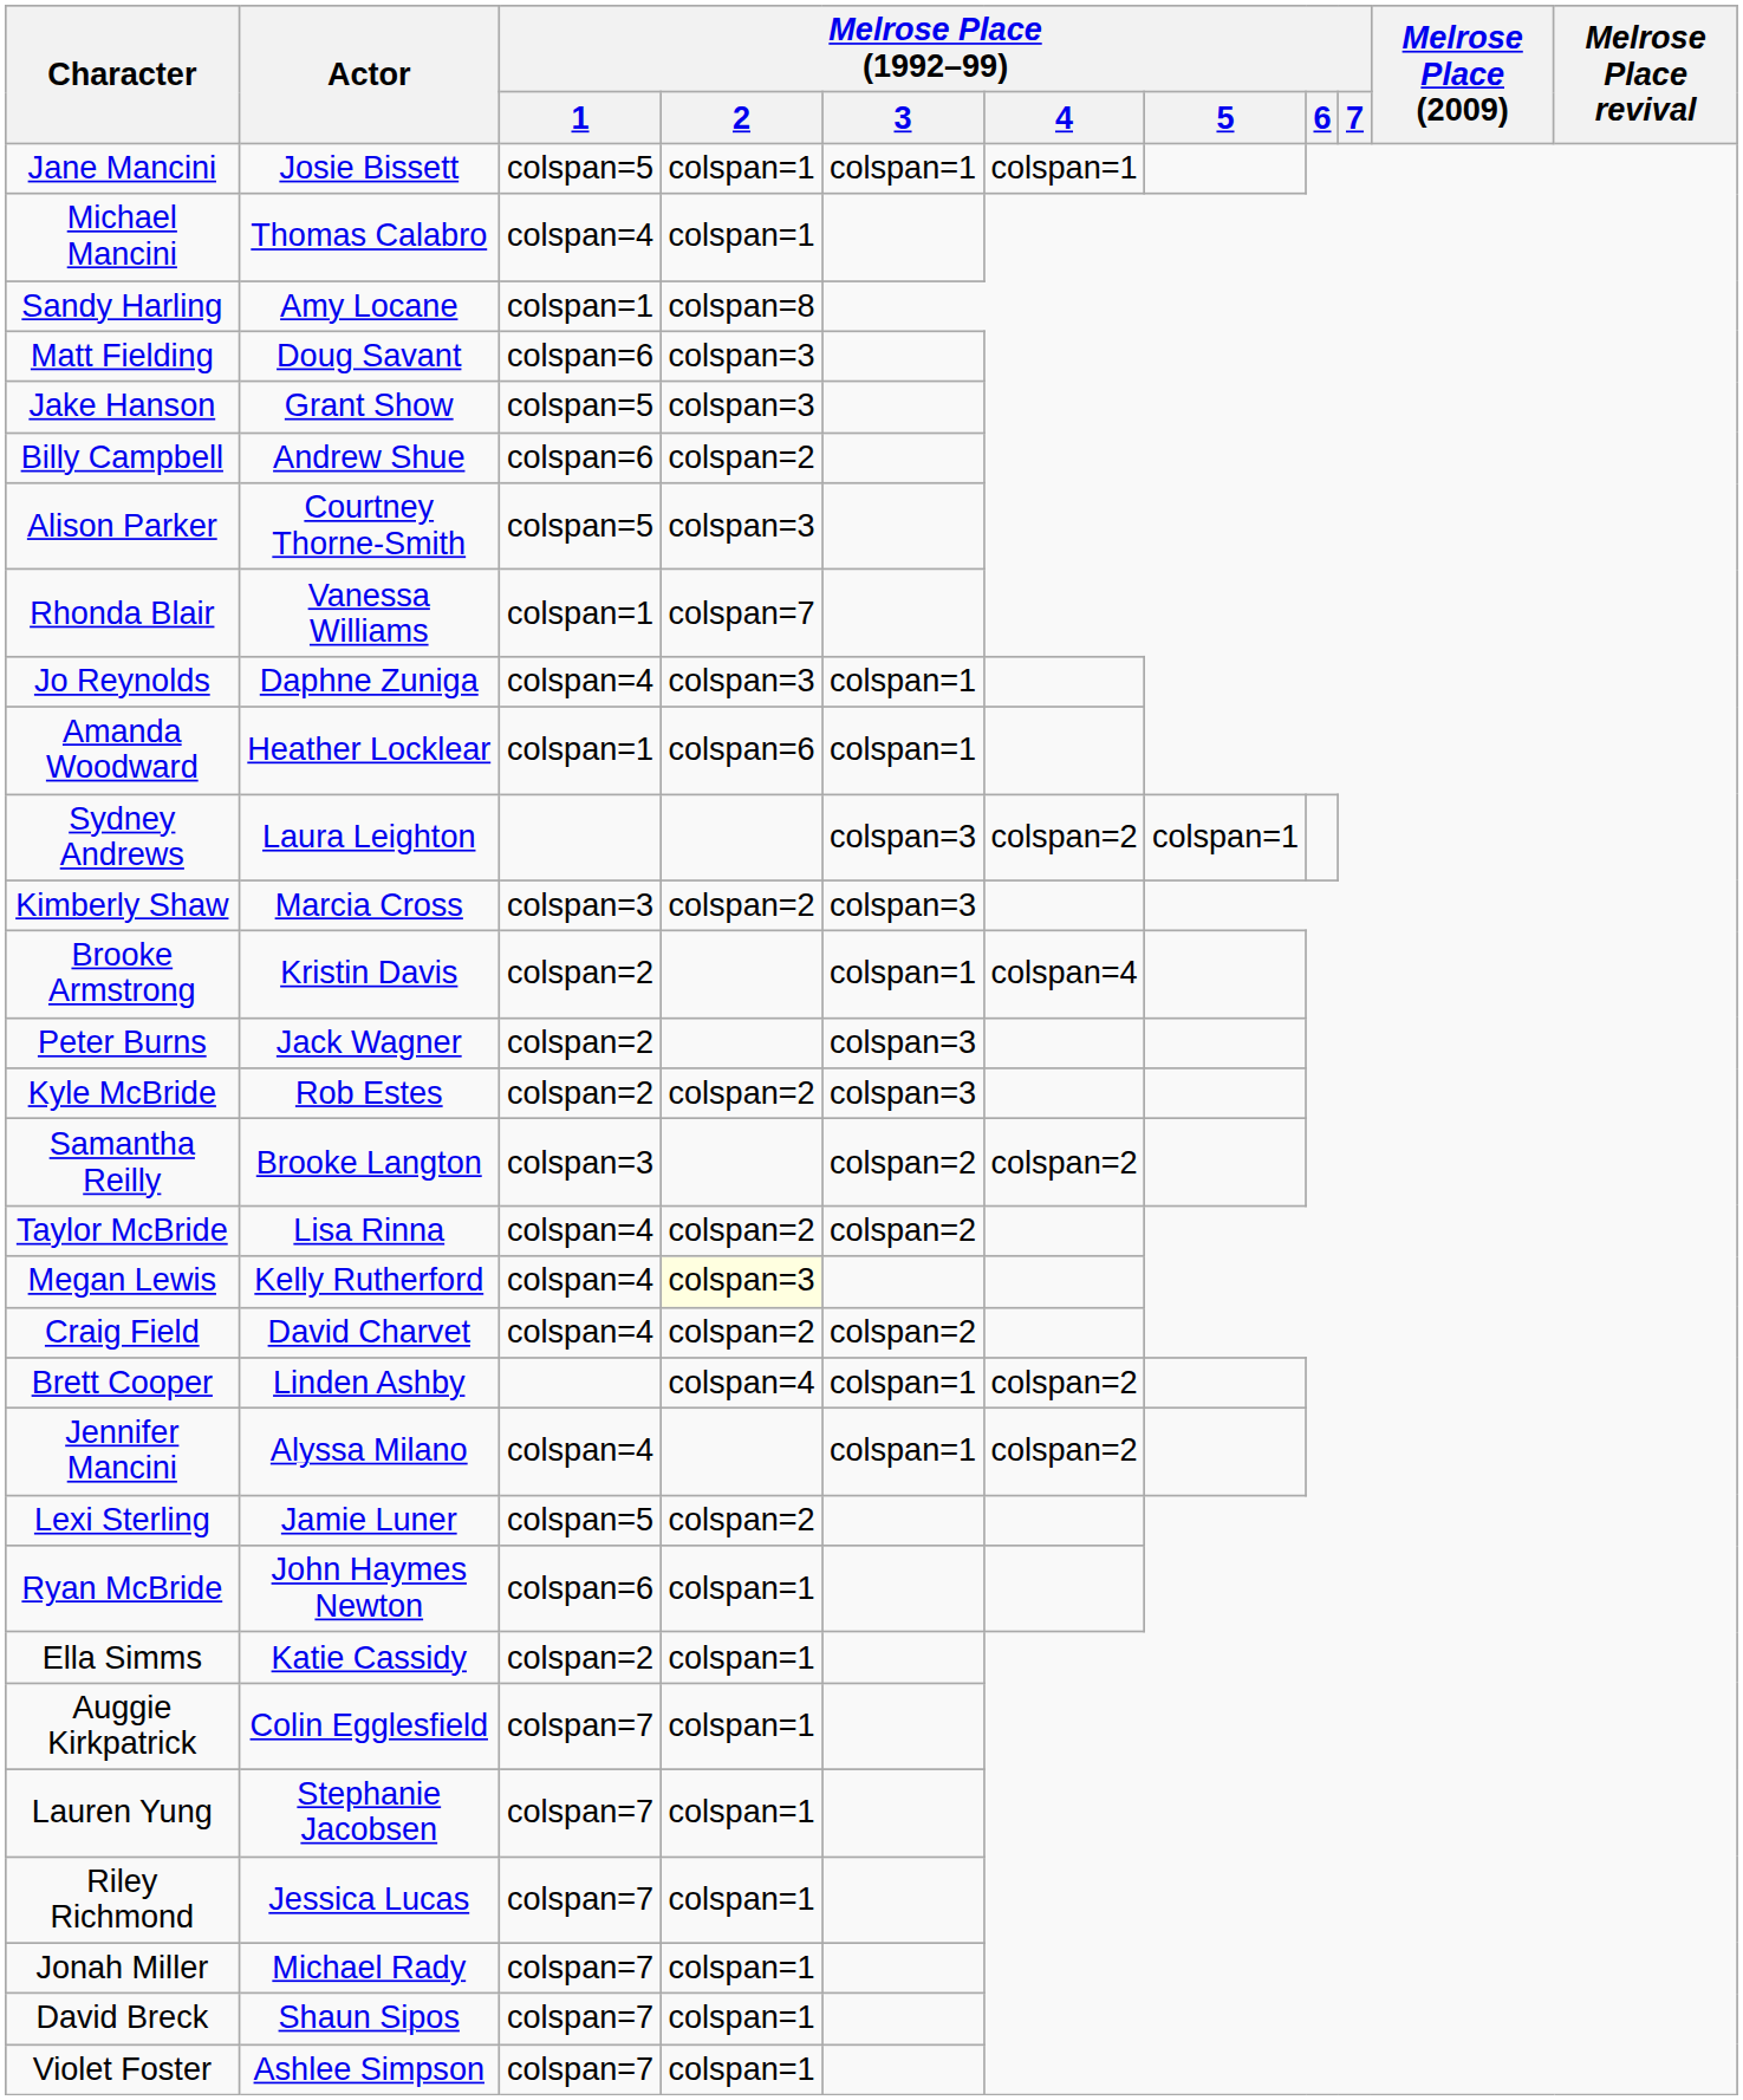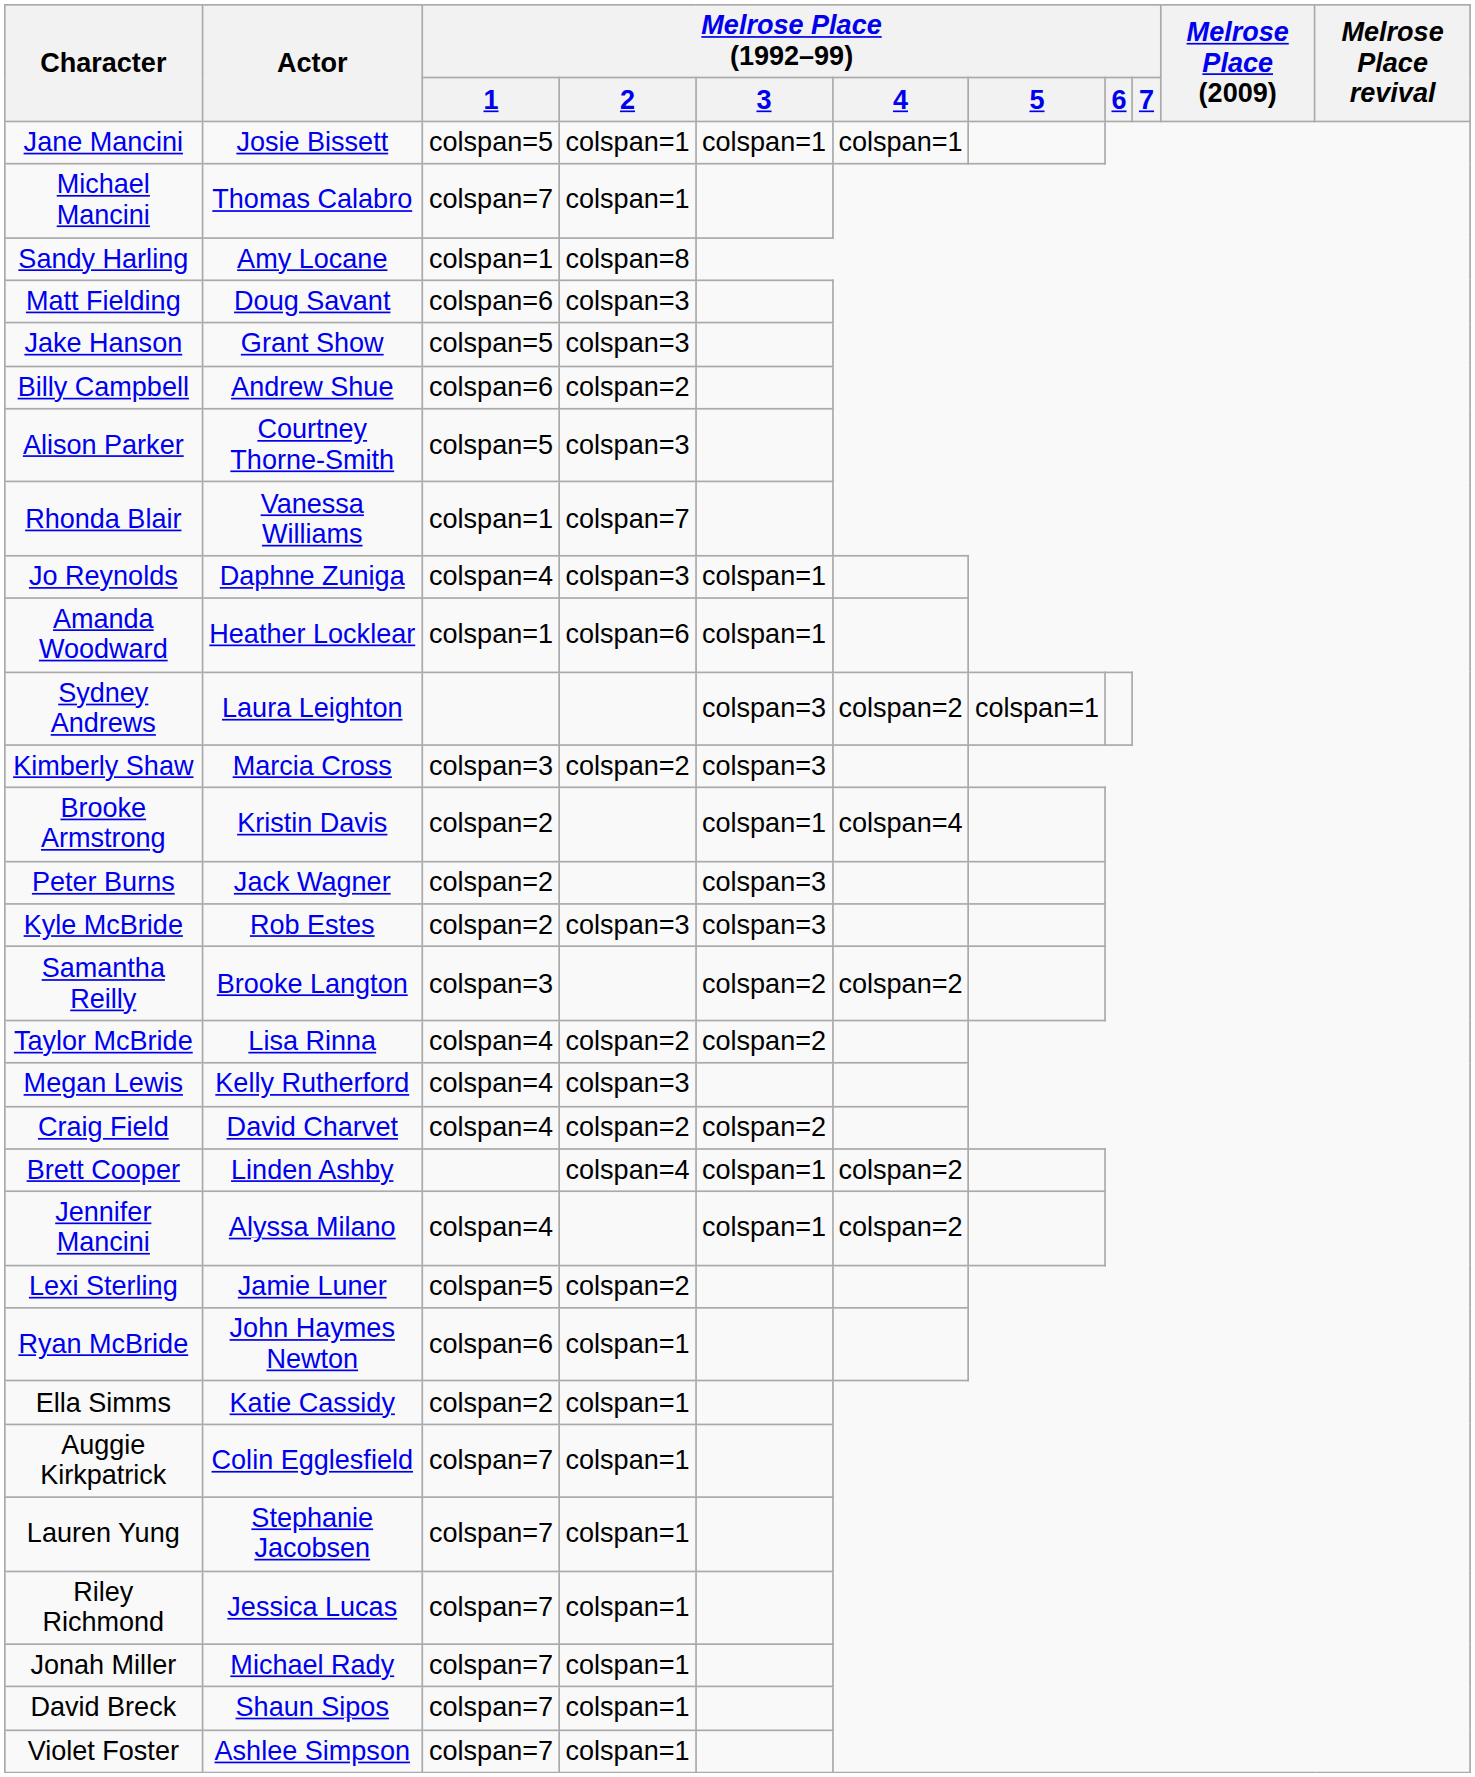 <table class="wikitable sortable" style="text-align:center">
 <tr>
 <th rowspan=2>Character</th>
 <th rowspan=2>Actor</th>
 <th colspan=7><em><a href='#'>Melrose Place</a></em><br>(1992–99)</th>
 <th rowspan=2><em><a href='#'>Melrose Place</a></em><br>(2009)</th>
 <th rowspan=2><em>Melrose Place</em><br><em>revival</em></th>
 </tr>
 <tr>
 <th><a href='#'>1</a></th>
 <th><a href='#'>2</a></th>
 <th><a href='#'>3</a></th>
 <th><a href='#'>4</a></th>
 <th><a href='#'>5</a></th>
 <th><a href='#'>6</a></th>
 <th><a href='#'>7</a></th>
 </tr>
 <tr>
 <td><a href='#'>Jane Mancini</a></td>
 <td><a href='#'>Josie Bissett</a></td>
 <td>colspan=5 </td>
 <td>colspan=1 </td>
 <td>colspan=1 </td>
 <td>colspan=1 </td>
 <td></td>
 </tr>
 <tr>
 <td><a href='#'>Michael Mancini</a></td>
 <td><a href='#'>Thomas Calabro</a></td>
-<td>colspan=4 </td>
+<td>colspan=7 </td>
 <td>colspan=1 </td>
 <td></td>
 </tr>
 <tr>
 <td><a href='#'>Sandy Harling</a></td>
 <td><a href='#'>Amy Locane</a></td>
 <td>colspan=1 </td>
 <td>colspan=8 </td>
 </tr>
 <tr>
 <td><a href='#'>Matt Fielding</a></td>
 <td><a href='#'>Doug Savant</a></td>
 <td>colspan=6 </td>
 <td>colspan=3 </td>
 <td></td>
 </tr>
 <tr>
 <td><a href='#'>Jake Hanson</a></td>
 <td><a href='#'>Grant Show</a></td>
 <td>colspan=5 </td>
 <td>colspan=3 </td>
 <td></td>
 </tr>
 <tr>
 <td><a href='#'>Billy Campbell</a></td>
 <td><a href='#'>Andrew Shue</a></td>
 <td>colspan=6 </td>
 <td>colspan=2 </td>
 <td></td>
 </tr>
 <tr>
 <td><a href='#'>Alison Parker</a></td>
 <td><a href='#'>Courtney Thorne-Smith</a></td>
 <td>colspan=5 </td>
 <td>colspan=3 </td>
 <td></td>
 </tr>
 <tr>
 <td><a href='#'>Rhonda Blair</a></td>
 <td><a href='#'>Vanessa Williams</a></td>
 <td>colspan=1 </td>
 <td>colspan=7 </td>
 <td></td>
 </tr>
 <tr>
 <td><a href='#'>Jo Reynolds</a></td>
 <td><a href='#'>Daphne Zuniga</a></td>
 <td>colspan=4 </td>
 <td>colspan=3 </td>
 <td>colspan=1 </td>
 <td></td>
 </tr>
 <tr>
 <td><a href='#'>Amanda Woodward</a></td>
 <td><a href='#'>Heather Locklear</a></td>
 <td>colspan=1 </td>
 <td>colspan=6 </td>
 <td>colspan=1 </td>
 <td></td>
 </tr>
 <tr>
 <td><a href='#'>Sydney Andrews</a></td>
 <td><a href='#'>Laura Leighton</a></td>
 <td></td>
 <td></td>
 <td>colspan=3 </td>
 <td>colspan=2 </td>
 <td>colspan=1 </td>
 <td></td>
 </tr>
 <tr>
 <td><a href='#'>Kimberly Shaw</a></td>
 <td><a href='#'>Marcia Cross</a></td>
 <td>colspan=3 </td>
 <td>colspan=2 </td>
 <td>colspan=3 </td>
 <td></td>
 </tr>
 <tr>
 <td><a href='#'>Brooke Armstrong</a></td>
 <td><a href='#'>Kristin Davis</a></td>
 <td>colspan=2 </td>
 <td></td>
 <td>colspan=1 </td>
 <td>colspan=4 </td>
 <td></td>
 </tr>
 <tr>
 <td><a href='#'>Peter Burns</a></td>
 <td><a href='#'>Jack Wagner</a></td>
 <td>colspan=2 </td>
 <td></td>
 <td>colspan=3 </td>
 <td></td>
 <td></td>
 </tr>
 <tr>
 <td><a href='#'>Kyle McBride</a></td>
 <td><a href='#'>Rob Estes</a></td>
 <td>colspan=2 </td>
-<td>colspan=2 </td>
+<td>colspan=3 </td>
 <td>colspan=3 </td>
 <td></td>
 <td></td>
 </tr>
 <tr>
 <td><a href='#'>Samantha Reilly</a></td>
 <td><a href='#'>Brooke Langton</a></td>
 <td>colspan=3 </td>
 <td></td>
 <td>colspan=2 </td>
 <td>colspan=2 </td>
 <td></td>
 </tr>
 <tr>
 <td><a href='#'>Taylor McBride</a></td>
 <td><a href='#'>Lisa Rinna</a></td>
 <td>colspan=4 </td>
 <td>colspan=2 </td>
 <td>colspan=2 </td>
 <td></td>
 </tr>
 <tr>
 <td><a href='#'>Megan Lewis</a></td>
 <td><a href='#'>Kelly Rutherford</a></td>
 <td>colspan=4 </td>
-<td style="background: lightyellow;">colspan=3 </td>
+<td>colspan=3 </td>
 <td></td>
 <td></td>
 </tr>
 <tr>
 <td><a href='#'>Craig Field</a></td>
 <td><a href='#'>David Charvet</a></td>
 <td>colspan=4 </td>
 <td>colspan=2 </td>
 <td>colspan=2 </td>
 <td></td>
 </tr>
 <tr>
 <td><a href='#'>Brett Cooper</a></td>
 <td><a href='#'>Linden Ashby</a></td>
 <td></td>
 <td>colspan=4 </td>
 <td>colspan=1 </td>
 <td>colspan=2 </td>
 <td></td>
 </tr>
 <tr>
 <td><a href='#'>Jennifer Mancini</a></td>
 <td><a href='#'>Alyssa Milano</a></td>
 <td>colspan=4 </td>
 <td></td>
 <td>colspan=1 </td>
 <td>colspan=2 </td>
 <td></td>
 </tr>
 <tr>
 <td><a href='#'>Lexi Sterling</a></td>
 <td><a href='#'>Jamie Luner</a></td>
 <td>colspan=5 </td>
 <td>colspan=2 </td>
 <td></td>
 <td></td>
 </tr>
 <tr>
 <td><a href='#'>Ryan McBride</a></td>
 <td><a href='#'>John Haymes Newton</a></td>
 <td>colspan=6 </td>
 <td>colspan=1 </td>
 <td></td>
 <td></td>
 </tr>
 <tr>
 <td>Ella Simms</td>
 <td><a href='#'>Katie Cassidy</a></td>
 <td>colspan=2 </td>
 <td>colspan=1 </td>
 <td></td>
 </tr>
 <tr>
 <td>Auggie Kirkpatrick</td>
 <td><a href='#'>Colin Egglesfield</a></td>
 <td>colspan=7 </td>
 <td>colspan=1 </td>
 <td></td>
 </tr>
 <tr>
 <td>Lauren Yung</td>
 <td><a href='#'>Stephanie Jacobsen</a></td>
 <td>colspan=7 </td>
 <td>colspan=1 </td>
 <td></td>
 </tr>
 <tr>
 <td>Riley Richmond</td>
 <td><a href='#'>Jessica Lucas</a></td>
 <td>colspan=7 </td>
 <td>colspan=1 </td>
 <td></td>
 </tr>
 <tr>
 <td>Jonah Miller</td>
 <td><a href='#'>Michael Rady</a></td>
 <td>colspan=7 </td>
 <td>colspan=1 </td>
 <td></td>
 </tr>
 <tr>
 <td>David Breck</td>
 <td><a href='#'>Shaun Sipos</a></td>
 <td>colspan=7 </td>
 <td>colspan=1 </td>
 <td></td>
 </tr>
 <tr>
 <td>Violet Foster</td>
 <td><a href='#'>Ashlee Simpson</a></td>
 <td>colspan=7 </td>
 <td>colspan=1 </td>
 <td></td>
 </tr>
 </table>
